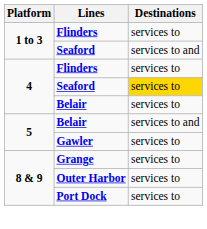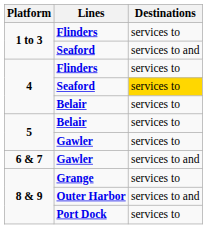 <table class="wikitable">
 <tr>
 <th>Platform</th>
 <th>Lines</th>
 <th>Destinations</th>
 </tr>
 <tr>
 <td rowspan="2" style="text-align:center;"><strong>1 to 3</strong></td>
 <td style=background:#><a href='#'><span><strong>Flinders</strong></span></a></td>
 <td>services to </td>
 </tr>
 <tr>
 <td style=background:#><a href='#'><span><strong>Seaford</strong></span></a></td>
 <td>services to  and </td>
 </tr>
 <tr>
 <td rowspan="3" style="text-align:center;"><strong>4</strong></td>
 <td style=background:#><a href='#'><span><strong>Flinders</strong></span></a></td>
 <td>services to </td>
 </tr>
 <tr>
 <td style=background:#><a href='#'><span><strong>Seaford</strong></span></a></td>
 <td style="background: gold;">services to </td>
 </tr>
 <tr>
 <td style="background:#"><a href='#'><span><strong>Belair</strong></span></a></td>
 <td>services to </td>
 </tr>
 <tr>
 <td rowspan="2" style="text-align:center;"><strong>5</strong></td>
 <td style="background:#"><a href='#'><span><strong>Belair</strong></span></a></td>
-<td>services to  and </td>
+<td>services to </td>
 </tr>
 <tr>
 <td style="background:#"><a href='#'><span><strong>Gawler</strong></span></a></td>
 <td>services to </td>
+</tr>
+<tr>
+<td style="text-align:center;"><strong>6 & 7</strong></td>
+<td style="background:#"><a href='#'><span><strong>Gawler</strong></span></a></td>
+<td>services to  and </td>
 </tr>
 <tr>
 <td rowspan="3" style="text-align:center;"><strong>8 & 9</strong></td>
 <td style="background:#"><a href='#'><span><strong>Grange</strong></span></a></td>
 <td>services to </td>
 </tr>
 <tr>
 <td style=background:#><a href='#'><span><strong>Outer Harbor</strong></span></a></td>
-<td>services to </td>
+<td>services to  and </td>
 </tr>
 <tr>
 <td style=background:#><a href='#'><span><strong>Port Dock</strong></span></a></td>
 <td>services to </td>
 </tr>
 </table>
